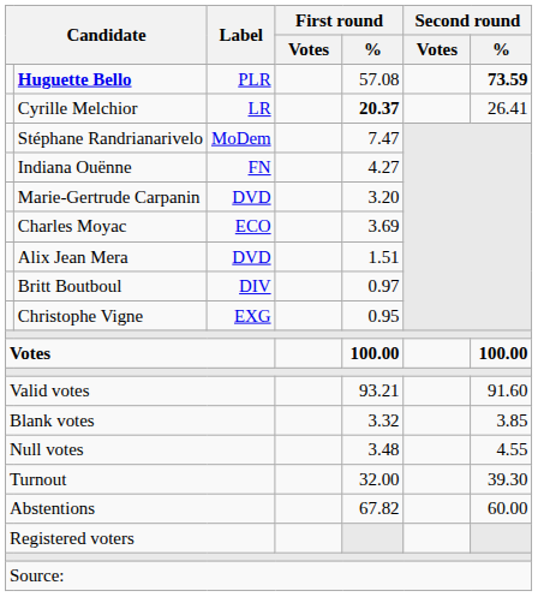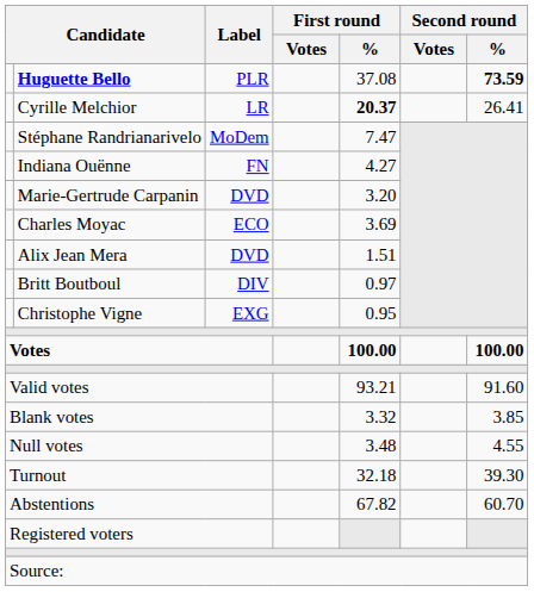 <table class="wikitable" style="text-align:right;font-size:95%;">
 <tr>
 <th rowspan="2" colspan="2">Candidate</th>
 <th rowspan="2">Label</th>
 <th colspan="2">First round</th>
 <th colspan="2">Second round</th>
 </tr>
 <tr>
 <th style="width:50px;">Votes</th>
 <th style="width:45px;">%</th>
 <th style="width:50px;">Votes</th>
 <th style="width:45px;">%</th>
 </tr>
 <tr>
 <td style="color:inherit;background-color:"></td>
 <td style="text-align:left;"><strong><a href='#'>Huguette Bello</a></strong></td>
 <td><a href='#'>PLR</a></td>
 <td></td>
-<td>57.08</td>
+<td>37.08</td>
 <td><strong></strong></td>
 <td><strong>73.59</strong></td>
 </tr>
 <tr>
 <td style="color:inherit;background:"></td>
 <td style="text-align:left;">Cyrille Melchior</td>
 <td><a href='#'>LR</a></td>
 <td></td>
 <td><strong>20.37</strong></td>
 <td></td>
 <td>26.41</td>
 </tr>
 <tr>
 <td style="color:inherit;background:"></td>
 <td style="text-align:left;">Stéphane Randrianarivelo</td>
 <td><a href='#'>MoDem</a></td>
 <td></td>
 <td>7.47</td>
 <td colspan="2" rowspan="7" style="background:#E9E9E9;"></td>
 </tr>
 <tr>
 <td style="color:inherit;background:"></td>
 <td style="text-align:left;">Indiana Ouënne</td>
 <td><a href='#'>FN</a></td>
 <td></td>
 <td>4.27</td>
 </tr>
 <tr>
 <td style="color:inherit;background:"></td>
 <td style="text-align:left;">Marie-Gertrude Carpanin</td>
 <td><a href='#'>DVD</a></td>
 <td></td>
 <td>3.20</td>
 </tr>
 <tr>
 <td style="color:inherit;background:"></td>
 <td style="text-align:left;">Charles Moyac</td>
 <td><a href='#'>ECO</a></td>
 <td></td>
 <td>3.69</td>
 </tr>
 <tr>
 <td style="color:inherit;background:"></td>
 <td style="text-align:left;">Alix Jean Mera</td>
 <td><a href='#'>DVD</a></td>
 <td></td>
 <td>1.51</td>
 </tr>
 <tr>
 <td style="color:inherit;background:"></td>
 <td style="text-align:left;">Britt Boutboul</td>
 <td><a href='#'>DIV</a></td>
 <td></td>
 <td>0.97</td>
 </tr>
 <tr>
 <td style="color:inherit;background:"></td>
 <td style="text-align:left;">Christophe Vigne</td>
 <td><a href='#'>EXG</a></td>
 <td></td>
 <td>0.95</td>
 </tr>
 <tr>
 <td colspan="7" style="background:#E9E9E9;"></td>
 </tr>
 <tr style="font-weight:bold;">
 <td colspan="3" style="text-align:left;">Votes</td>
 <td></td>
 <td>100.00</td>
 <td></td>
 <td>100.00</td>
 </tr>
 <tr>
 <td colspan="7" style="background:#E9E9E9;"></td>
 </tr>
 <tr>
 <td colspan="3" style="text-align:left;">Valid votes</td>
 <td></td>
 <td>93.21</td>
 <td></td>
 <td>91.60</td>
 </tr>
 <tr>
 <td colspan="3" style="text-align:left;">Blank votes</td>
 <td></td>
 <td>3.32</td>
 <td></td>
 <td>3.85</td>
 </tr>
 <tr>
 <td colspan="3" style="text-align:left;">Null votes</td>
 <td></td>
 <td>3.48</td>
 <td></td>
 <td>4.55</td>
 </tr>
 <tr>
 <td colspan="3" style="text-align:left;">Turnout</td>
 <td></td>
-<td>32.00</td>
+<td>32.18</td>
 <td></td>
 <td>39.30</td>
 </tr>
 <tr>
 <td colspan="3" style="text-align:left;">Abstentions</td>
 <td></td>
 <td>67.82</td>
 <td></td>
-<td>60.00</td>
+<td>60.70</td>
 </tr>
 <tr>
 <td colspan="3" style="text-align:left;">Registered voters</td>
 <td></td>
 <td style="background:#E9E9E9;"></td>
 <td></td>
 <td style="background:#E9E9E9;"></td>
 </tr>
 <tr>
 <td colspan="7" style="background:#E9E9E9;"></td>
 </tr>
 <tr>
 <td colspan="7" style="text-align:left;">Source: </td>
 </tr>
 </table>
